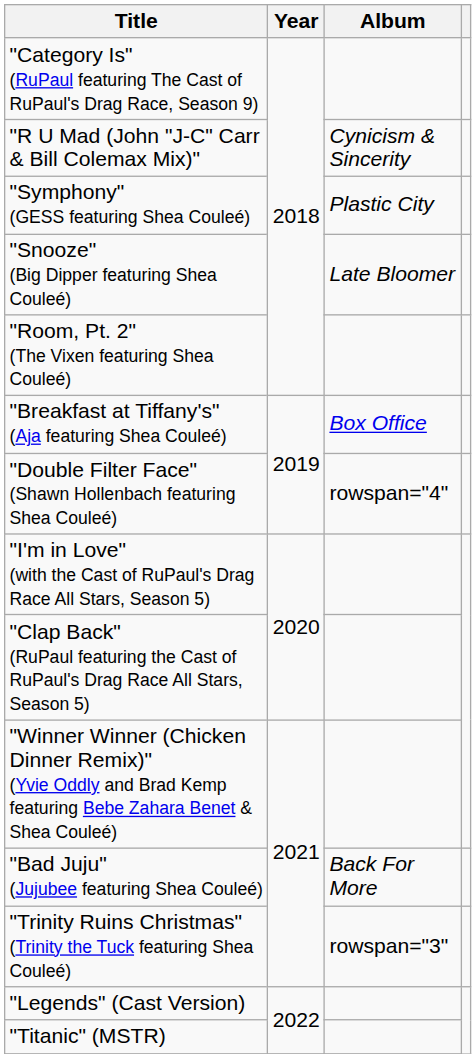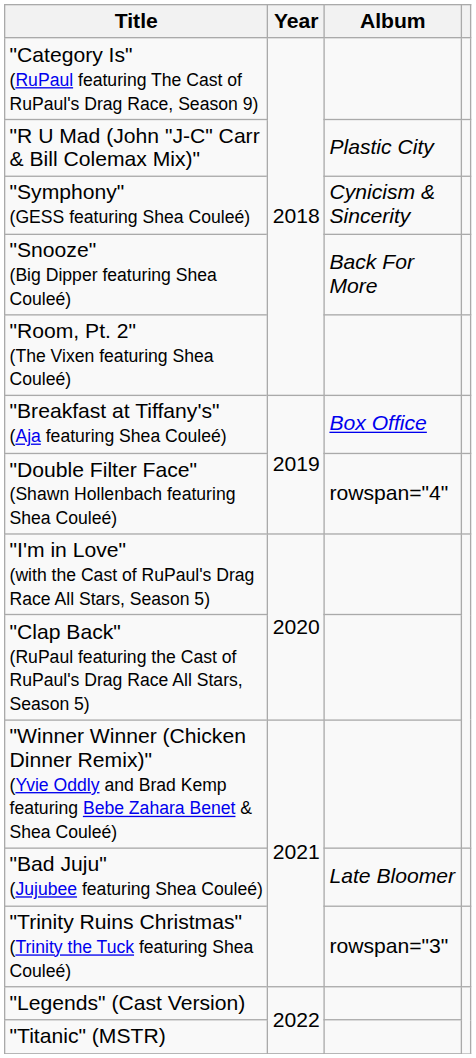 <table class="wikitable plainrowheaders sortable" style="text-align:left;">
 <tr>
 <th scope="col"  style="width:12em;">Title</th>
 <th scope="col"  style="width:2em;">Year</th>
 <th scope="col"  style="width:6em;">Album</th>
 <th rowspan="1"  style="text-align: center;" class="unsortable"></th>
 </tr>
 <tr>
 <td>"Category Is"<br><small>(<a href='#'>RuPaul</a> featuring The Cast of RuPaul's Drag Race, Season 9)</small></td>
 <td rowspan="5">2018</td>
 <td></td>
 <td style="text-align: center;"></td>
 </tr>
 <tr>
 <td scope="row">"R U Mad (John "J-C" Carr & Bill Colemax Mix)"<br></td>
-<td><em>Cynicism & Sincerity</em></td>
+<td><em>Plastic City</em></td>
 <td style="text-align: center;"></td>
 </tr>
 <tr n>
 <td>"Symphony"<br><small>(GESS featuring Shea Couleé)</small></td>
-<td><em>Plastic City</em></td>
+<td><em>Cynicism & Sincerity</em></td>
 <td style="text-align: center;"></td>
 </tr>
 <tr>
 <td>"Snooze"<br><small>(Big Dipper featuring Shea Couleé)</small></td>
-<td><em>Late Bloomer</em></td>
+<td><em>Back For More</em></td>
 <td style="text-align: center;"></td>
 </tr>
 <tr>
 <td>"Room, Pt. 2"<br><small>(The Vixen featuring Shea Couleé)</small></td>
 <td></td>
 <td style="text-align: center;"></td>
 </tr>
 <tr>
 <td>"Breakfast at Tiffany's"<br><small>(<a href='#'>Aja</a> featuring Shea Couleé)</small></td>
 <td rowspan="2">2019</td>
 <td><em><a href='#'>Box Office</a></em></td>
 <td style="text-align: center;"></td>
 </tr>
 <tr>
 <td>"Double Filter Face"<br><small>(Shawn Hollenbach featuring Shea Couleé)</small></td>
 <td>rowspan="4" </td>
 <td style="text-align: center;"></td>
 </tr>
 <tr>
 <td>"I'm in Love"<br><small>(with the Cast of RuPaul's Drag Race All Stars, Season 5)</small></td>
 <td rowspan="2">2020</td>
 <td style="text-align: center;"></td>
 </tr>
 <tr>
 <td>"Clap Back"<br><small>(RuPaul featuring the Cast of RuPaul's Drag Race All Stars, Season 5)</small></td>
 <td style="text-align: center;"></td>
 </tr>
 <tr>
 <td>"Winner Winner (Chicken Dinner Remix)"<br><small>(<a href='#'>Yvie Oddly</a> and Brad Kemp featuring <a href='#'>Bebe Zahara Benet</a> & Shea Couleé)</small></td>
 <td rowspan="3">2021</td>
 <td style="text-align: center;"></td>
 </tr>
 <tr>
 <td>"Bad Juju"<br><small>(<a href='#'>Jujubee</a> featuring Shea Couleé)</small></td>
-<td><em>Back For More</em></td>
+<td><em>Late Bloomer</em></td>
 <td style="text-align: center;"></td>
 </tr>
 <tr>
 <td>"Trinity Ruins Christmas"<br><small>(<a href='#'>Trinity the Tuck</a> featuring Shea Couleé)</small></td>
 <td>rowspan="3" </td>
 <td style="text-align: center;"></td>
 </tr>
 <tr>
 <td>"Legends" (Cast Version)<br></td>
 <td rowspan="2">2022</td>
 <td style="text-align: center;"></td>
 </tr>
 <tr>
 <td>"Titanic" (MSTR)<br></td>
 <td style="text-align: center;"></td>
 </tr>
 <tr>
 </tr>
 </table>
